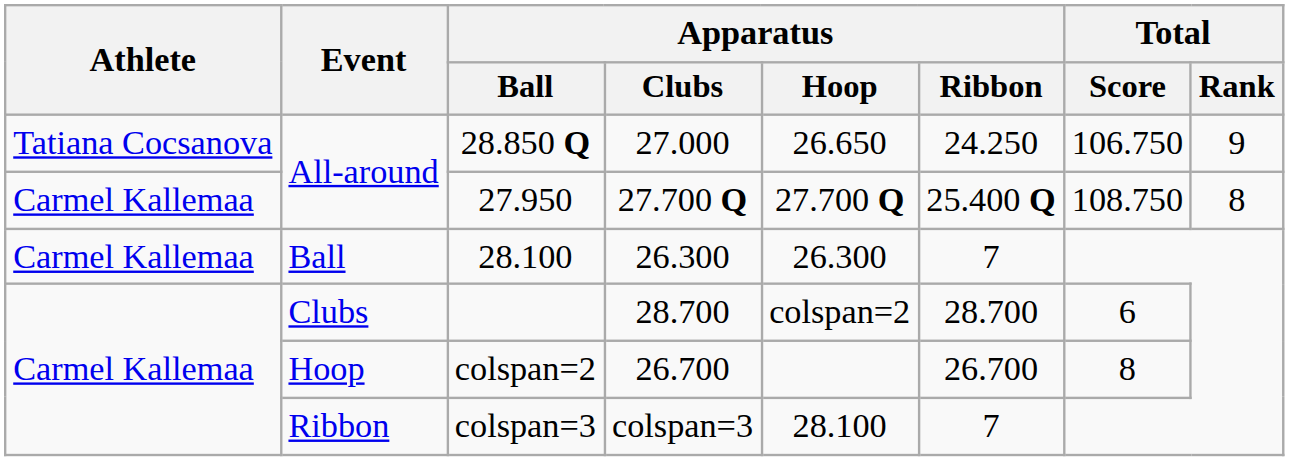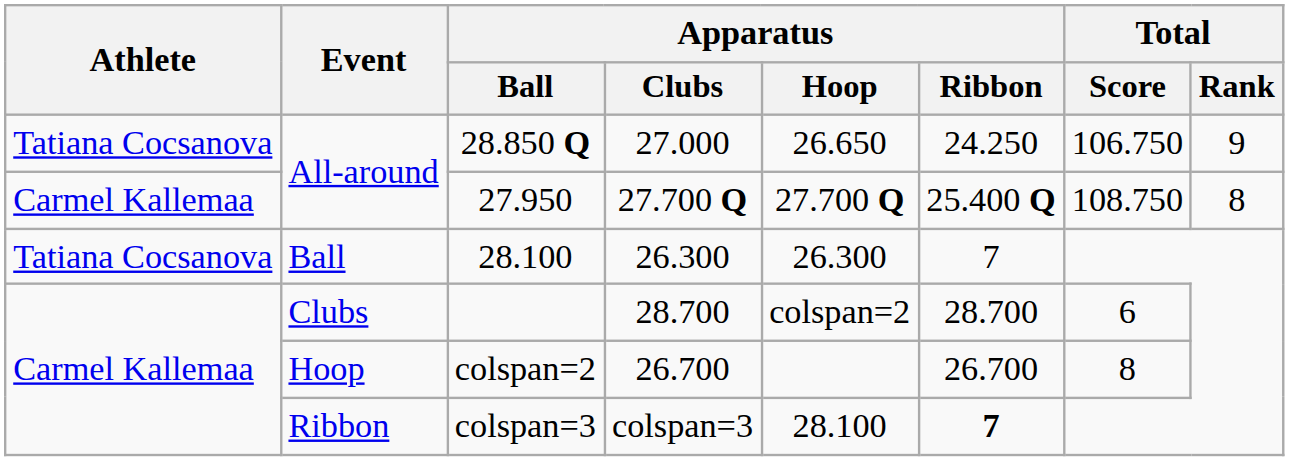 <table class=wikitable style=font-size:90%;text-align:center>
 <tr>
 <th rowspan=2>Athlete</th>
 <th rowspan=2>Event</th>
 <th colspan=4>Apparatus</th>
 <th colspan=2>Total</th>
 </tr>
 <tr style=font-size:95%>
 <th>Ball</th>
 <th>Clubs</th>
 <th>Hoop</th>
 <th>Ribbon</th>
 <th>Score</th>
 <th>Rank</th>
 </tr>
 <tr>
 <td align=left><a href='#'>Tatiana Cocsanova</a></td>
 <td align=left rowspan=2><a href='#'>All-around</a></td>
 <td>28.850 <strong>Q</strong></td>
 <td>27.000</td>
 <td>26.650</td>
 <td>24.250</td>
 <td>106.750</td>
 <td>9</td>
 </tr>
 <tr>
 <td align=left><a href='#'>Carmel Kallemaa</a></td>
 <td>27.950</td>
 <td>27.700 <strong>Q</strong></td>
 <td>27.700 <strong>Q</strong></td>
 <td>25.400 <strong>Q</strong></td>
 <td>108.750</td>
 <td>8</td>
 </tr>
 <tr>
-<td align=left><a href='#'>Carmel Kallemaa</a></td>
+<td align=left><a href='#'>Tatiana Cocsanova</a></td>
 <td align=left><a href='#'>Ball</a></td>
 <td>28.100</td>
 <td>26.300</td>
 <td>26.300</td>
 <td>7</td>
 </tr>
 <tr>
 <td align=left rowspan=3><a href='#'>Carmel Kallemaa</a></td>
 <td align=left><a href='#'>Clubs</a></td>
 <td></td>
 <td>28.700</td>
 <td>colspan=2 </td>
 <td>28.700</td>
 <td>6</td>
 </tr>
 <tr>
 <td align=left><a href='#'>Hoop</a></td>
 <td>colspan=2  </td>
 <td>26.700</td>
 <td></td>
 <td>26.700</td>
 <td>8</td>
 </tr>
 <tr>
 <td align=left><a href='#'>Ribbon</a></td>
 <td>colspan=3 </td>
 <td>colspan=3  </td>
 <td>28.100</td>
-<td>7</td>
+<td><strong>7</strong></td>
 </tr>
 </table>
